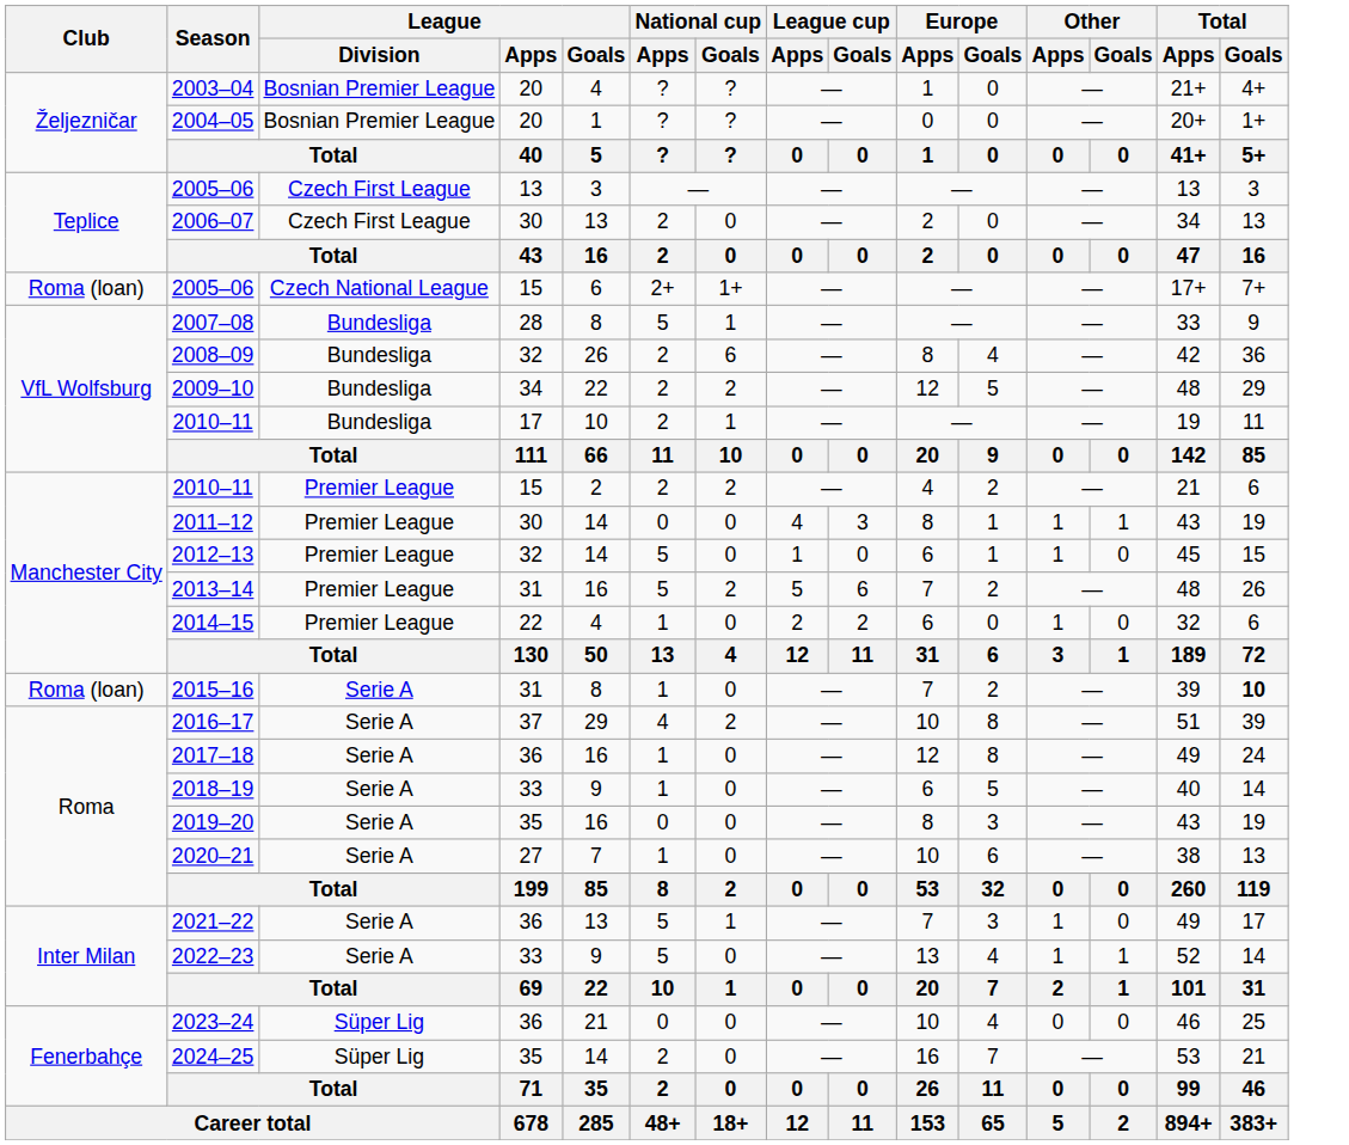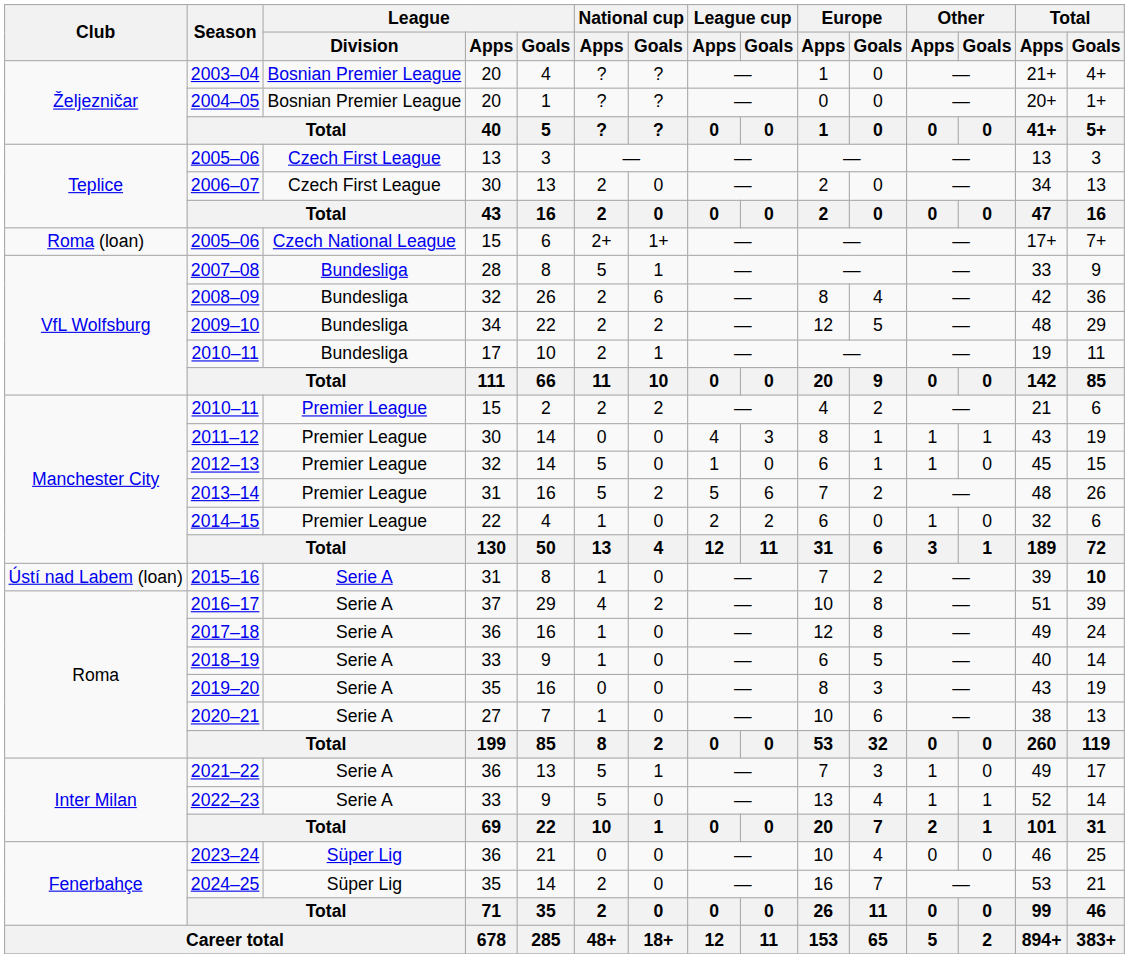 <table class=wikitable style=text-align:center>
 <tr>
 <th rowspan="2">Club</th>
 <th rowspan="2">Season</th>
 <th colspan="3">League</th>
 <th colspan="2">National cup</th>
 <th colspan="2">League cup</th>
 <th colspan="2">Europe</th>
 <th colspan="2">Other</th>
 <th colspan="2">Total</th>
 </tr>
 <tr>
 <th>Division</th>
 <th>Apps</th>
 <th>Goals</th>
 <th>Apps</th>
 <th>Goals</th>
 <th>Apps</th>
 <th>Goals</th>
 <th>Apps</th>
 <th>Goals</th>
 <th>Apps</th>
 <th>Goals</th>
 <th>Apps</th>
 <th>Goals</th>
 </tr>
 <tr>
 <td rowspan="3"><a href='#'>Željezničar</a></td>
 <td><a href='#'>2003–04</a></td>
 <td><a href='#'>Bosnian Premier League</a></td>
 <td>20</td>
 <td>4</td>
 <td>?</td>
 <td>?</td>
 <td colspan="2">—</td>
 <td>1</td>
 <td>0</td>
 <td colspan="2">—</td>
 <td>21+</td>
 <td>4+</td>
 </tr>
 <tr>
 <td><a href='#'>2004–05</a></td>
 <td>Bosnian Premier League</td>
 <td>20</td>
 <td>1</td>
 <td>?</td>
 <td>?</td>
 <td colspan="2">—</td>
 <td>0</td>
 <td>0</td>
 <td colspan="2">—</td>
 <td>20+</td>
 <td>1+</td>
 </tr>
 <tr>
 <th colspan="2">Total</th>
 <th>40</th>
 <th>5</th>
 <th>?</th>
 <th>?</th>
 <th>0</th>
 <th>0</th>
 <th>1</th>
 <th>0</th>
 <th>0</th>
 <th>0</th>
 <th>41+</th>
 <th>5+</th>
 </tr>
 <tr>
 <td rowspan="3"><a href='#'>Teplice</a></td>
 <td><a href='#'>2005–06</a></td>
 <td><a href='#'>Czech First League</a></td>
 <td>13</td>
 <td>3</td>
 <td colspan="2">—</td>
 <td colspan="2">—</td>
 <td colspan="2">—</td>
 <td colspan="2">—</td>
 <td>13</td>
 <td>3</td>
 </tr>
 <tr>
 <td><a href='#'>2006–07</a></td>
 <td>Czech First League</td>
 <td>30</td>
 <td>13</td>
 <td>2</td>
 <td>0</td>
 <td colspan="2">—</td>
 <td>2</td>
 <td>0</td>
 <td colspan="2">—</td>
 <td>34</td>
 <td>13</td>
 </tr>
 <tr>
 <th colspan="2">Total</th>
 <th>43</th>
 <th>16</th>
 <th>2</th>
 <th>0</th>
 <th>0</th>
 <th>0</th>
 <th>2</th>
 <th>0</th>
 <th>0</th>
 <th>0</th>
 <th>47</th>
 <th>16</th>
 </tr>
 <tr>
 <td><a href='#'>Roma</a> (loan)</td>
 <td><a href='#'>2005–06</a></td>
 <td><a href='#'>Czech National League</a></td>
 <td>15</td>
 <td>6</td>
 <td>2+</td>
 <td>1+</td>
 <td colspan="2">—</td>
 <td colspan="2">—</td>
 <td colspan="2">—</td>
 <td>17+</td>
 <td>7+</td>
 </tr>
 <tr>
 <td rowspan="5"><a href='#'>VfL Wolfsburg</a></td>
 <td><a href='#'>2007–08</a></td>
 <td><a href='#'>Bundesliga</a></td>
 <td>28</td>
 <td>8</td>
 <td>5</td>
 <td>1</td>
 <td colspan="2">—</td>
 <td colspan="2">—</td>
 <td colspan="2">—</td>
 <td>33</td>
 <td>9</td>
 </tr>
 <tr>
 <td><a href='#'>2008–09</a></td>
 <td>Bundesliga</td>
 <td>32</td>
 <td>26</td>
 <td>2</td>
 <td>6</td>
 <td colspan="2">—</td>
 <td>8</td>
 <td>4</td>
 <td colspan="2">—</td>
 <td>42</td>
 <td>36</td>
 </tr>
 <tr>
 <td><a href='#'>2009–10</a></td>
 <td>Bundesliga</td>
 <td>34</td>
 <td>22</td>
 <td>2</td>
 <td>2</td>
 <td colspan="2">—</td>
 <td>12</td>
 <td>5</td>
 <td colspan="2">—</td>
 <td>48</td>
 <td>29</td>
 </tr>
 <tr>
 <td><a href='#'>2010–11</a></td>
 <td>Bundesliga</td>
 <td>17</td>
 <td>10</td>
 <td>2</td>
 <td>1</td>
 <td colspan="2'">—</td>
 <td colspan="2">—</td>
 <td colspan="2">—</td>
 <td>19</td>
 <td>11</td>
 </tr>
 <tr>
 <th colspan="2">Total</th>
 <th>111</th>
 <th>66</th>
 <th>11</th>
 <th>10</th>
 <th>0</th>
 <th>0</th>
 <th>20</th>
 <th>9</th>
 <th>0</th>
 <th>0</th>
 <th>142</th>
 <th>85</th>
 </tr>
 <tr>
 <td rowspan="6"><a href='#'>Manchester City</a></td>
 <td><a href='#'>2010–11</a></td>
 <td><a href='#'>Premier League</a></td>
 <td>15</td>
 <td>2</td>
 <td>2</td>
 <td>2</td>
 <td colspan="2">—</td>
 <td>4</td>
 <td>2</td>
 <td colspan="2">—</td>
 <td>21</td>
 <td>6</td>
 </tr>
 <tr>
 <td><a href='#'>2011–12</a></td>
 <td>Premier League</td>
 <td>30</td>
 <td>14</td>
 <td>0</td>
 <td>0</td>
 <td>4</td>
 <td>3</td>
 <td>8</td>
 <td>1</td>
 <td>1</td>
 <td>1</td>
 <td>43</td>
 <td>19</td>
 </tr>
 <tr>
 <td><a href='#'>2012–13</a></td>
 <td>Premier League</td>
 <td>32</td>
 <td>14</td>
 <td>5</td>
 <td>0</td>
 <td>1</td>
 <td>0</td>
 <td>6</td>
 <td>1</td>
 <td>1</td>
 <td>0</td>
 <td>45</td>
 <td>15</td>
 </tr>
 <tr>
 <td><a href='#'>2013–14</a></td>
 <td>Premier League</td>
 <td>31</td>
 <td>16</td>
 <td>5</td>
 <td>2</td>
 <td>5</td>
 <td>6</td>
 <td>7</td>
 <td>2</td>
 <td colspan="2">—</td>
 <td>48</td>
 <td>26</td>
 </tr>
 <tr>
 <td><a href='#'>2014–15</a></td>
 <td>Premier League</td>
 <td>22</td>
 <td>4</td>
 <td>1</td>
 <td>0</td>
 <td>2</td>
 <td>2</td>
 <td>6</td>
 <td>0</td>
 <td>1</td>
 <td>0</td>
 <td>32</td>
 <td>6</td>
 </tr>
 <tr>
 <th colspan="2">Total</th>
 <th>130</th>
 <th>50</th>
 <th>13</th>
 <th>4</th>
 <th>12</th>
 <th>11</th>
 <th>31</th>
 <th>6</th>
 <th>3</th>
 <th>1</th>
 <th>189</th>
 <th>72</th>
 </tr>
 <tr>
-<td><a href='#'>Roma</a> (loan)</td>
+<td><a href='#'>Ústí nad Labem</a> (loan)</td>
 <td><a href='#'>2015–16</a></td>
 <td><a href='#'>Serie A</a></td>
 <td>31</td>
 <td>8</td>
 <td>1</td>
 <td>0</td>
 <td colspan="2">—</td>
 <td>7</td>
 <td>2</td>
 <td colspan="2">—</td>
 <td>39</td>
 <td><strong>10</strong></td>
 </tr>
 <tr>
 <td rowspan="6">Roma</td>
 <td><a href='#'>2016–17</a></td>
 <td>Serie A</td>
 <td>37</td>
 <td>29</td>
 <td>4</td>
 <td>2</td>
 <td colspan="2">—</td>
 <td>10</td>
 <td>8</td>
 <td colspan="2">—</td>
 <td>51</td>
 <td>39</td>
 </tr>
 <tr>
 <td><a href='#'>2017–18</a></td>
 <td>Serie A</td>
 <td>36</td>
 <td>16</td>
 <td>1</td>
 <td>0</td>
 <td colspan="2">—</td>
 <td>12</td>
 <td>8</td>
 <td colspan="2">—</td>
 <td>49</td>
 <td>24</td>
 </tr>
 <tr>
 <td><a href='#'>2018–19</a></td>
 <td>Serie A</td>
 <td>33</td>
 <td>9</td>
 <td>1</td>
 <td>0</td>
 <td colspan="2">—</td>
 <td>6</td>
 <td>5</td>
 <td colspan="2">—</td>
 <td>40</td>
 <td>14</td>
 </tr>
 <tr>
 <td><a href='#'>2019–20</a></td>
 <td>Serie A</td>
 <td>35</td>
 <td>16</td>
 <td>0</td>
 <td>0</td>
 <td colspan="2">—</td>
 <td>8</td>
 <td>3</td>
 <td colspan="2">—</td>
 <td>43</td>
 <td>19</td>
 </tr>
 <tr>
 <td><a href='#'>2020–21</a></td>
 <td>Serie A</td>
 <td>27</td>
 <td>7</td>
 <td>1</td>
 <td>0</td>
 <td colspan="2">—</td>
 <td>10</td>
 <td>6</td>
 <td colspan="2">—</td>
 <td>38</td>
 <td>13</td>
 </tr>
 <tr>
 <th colspan="2">Total</th>
 <th>199</th>
 <th>85</th>
 <th>8</th>
 <th>2</th>
 <th>0</th>
 <th>0</th>
 <th>53</th>
 <th>32</th>
 <th>0</th>
 <th>0</th>
 <th>260</th>
 <th>119</th>
 </tr>
 <tr>
 <td rowspan="3"><a href='#'>Inter Milan</a></td>
 <td><a href='#'>2021–22</a></td>
 <td>Serie A</td>
 <td>36</td>
 <td>13</td>
 <td>5</td>
 <td>1</td>
 <td colspan="2">—</td>
 <td>7</td>
 <td>3</td>
 <td>1</td>
 <td>0</td>
 <td>49</td>
 <td>17</td>
 </tr>
 <tr>
 <td><a href='#'>2022–23</a></td>
 <td>Serie A</td>
 <td>33</td>
 <td>9</td>
 <td>5</td>
 <td>0</td>
 <td colspan="2">—</td>
 <td>13</td>
 <td>4</td>
 <td>1</td>
 <td>1</td>
 <td>52</td>
 <td>14</td>
 </tr>
 <tr>
 <th colspan="2">Total</th>
 <th>69</th>
 <th>22</th>
 <th>10</th>
 <th>1</th>
 <th>0</th>
 <th>0</th>
 <th>20</th>
 <th>7</th>
 <th>2</th>
 <th>1</th>
 <th>101</th>
 <th>31</th>
 </tr>
 <tr>
 <td rowspan="3"><a href='#'>Fenerbahçe</a></td>
 <td><a href='#'>2023–24</a></td>
 <td><a href='#'>Süper Lig</a></td>
 <td>36</td>
 <td>21</td>
 <td>0</td>
 <td>0</td>
 <td colspan="2">—</td>
 <td>10</td>
 <td>4</td>
 <td>0</td>
 <td>0</td>
 <td>46</td>
 <td>25</td>
 </tr>
 <tr>
 <td><a href='#'>2024–25</a></td>
 <td>Süper Lig</td>
 <td>35</td>
 <td>14</td>
 <td>2</td>
 <td>0</td>
 <td colspan="2">—</td>
 <td>16</td>
 <td>7</td>
 <td colspan="2">—</td>
 <td>53</td>
 <td>21</td>
 </tr>
 <tr>
 <th colspan="2">Total</th>
 <th>71</th>
 <th>35</th>
 <th>2</th>
 <th>0</th>
 <th>0</th>
 <th>0</th>
 <th>26</th>
 <th>11</th>
 <th>0</th>
 <th>0</th>
 <th>99</th>
 <th>46</th>
 </tr>
 <tr>
 <th colspan="3">Career total</th>
 <th>678</th>
 <th>285</th>
 <th>48+</th>
 <th>18+</th>
 <th>12</th>
 <th>11</th>
 <th>153</th>
 <th>65</th>
 <th>5</th>
 <th>2</th>
 <th>894+</th>
 <th>383+</th>
 </tr>
 </table>
